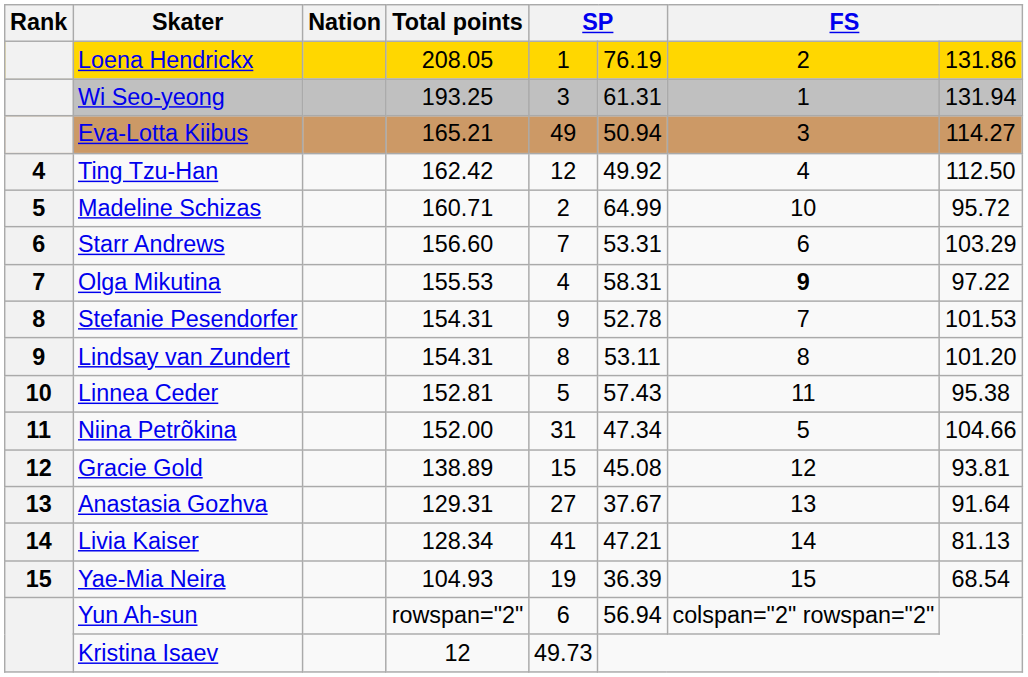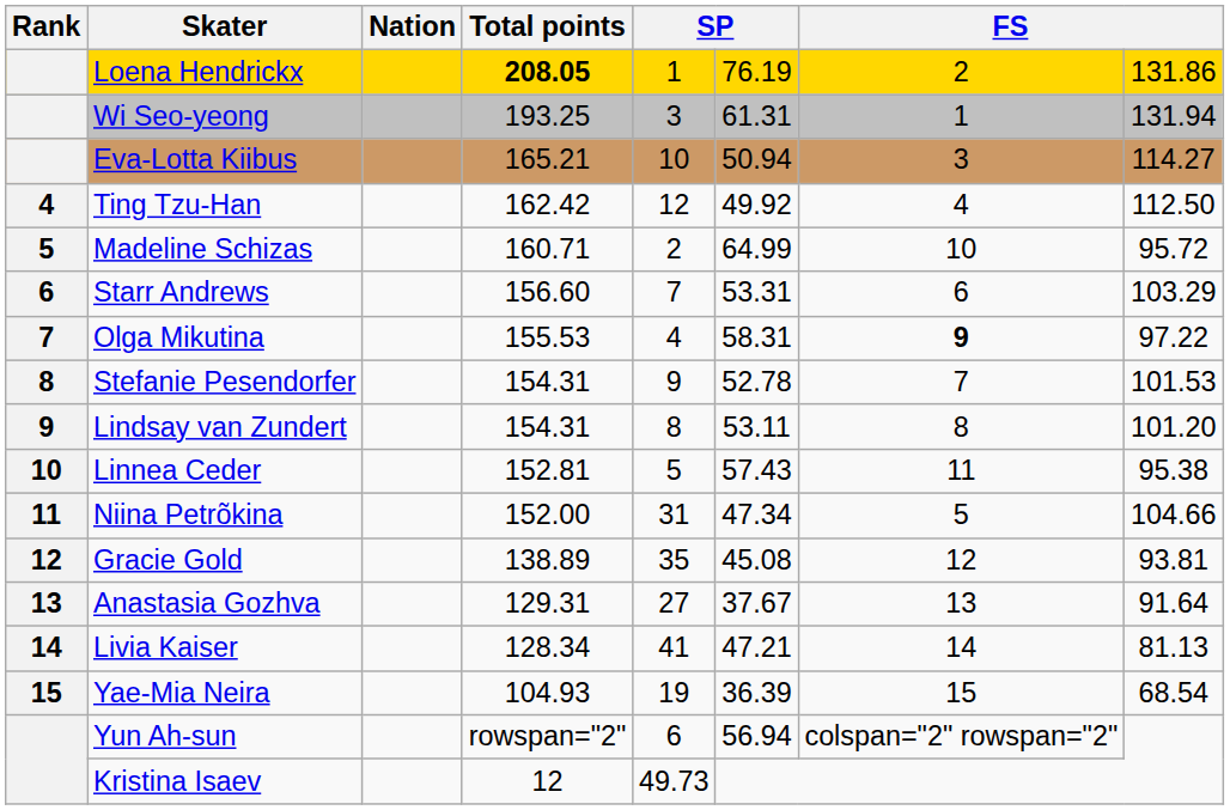 <table class="wikitable sortable" style="text-align:left">
 <tr>
 <th scope="col">Rank</th>
 <th scope="col">Skater</th>
 <th scope="col">Nation</th>
 <th scope="col">Total points</th>
 <th scope="col" colspan="2" width="80px"><a href='#'>SP</a></th>
 <th scope="col" colspan="2" width="80px"><a href='#'>FS</a></th>
 </tr>
 <tr bgcolor="gold">
 <th scope="row"></th>
 <td><a href='#'>Loena Hendrickx</a></td>
 <td></td>
-<td align="center">208.05</td>
+<td align="center"><strong>208.05</strong></td>
 <td align="center">1</td>
 <td align="center">76.19</td>
 <td align="center">2</td>
 <td align="center">131.86</td>
 </tr>
 <tr bgcolor="silver">
 <th scope="row"></th>
 <td><a href='#'>Wi Seo-yeong</a></td>
 <td></td>
 <td align="center">193.25</td>
 <td align="center">3</td>
 <td align="center">61.31</td>
 <td align="center">1</td>
 <td align="center">131.94</td>
 </tr>
 <tr bgcolor="cc9966">
 <th scope="row"></th>
 <td><a href='#'>Eva-Lotta Kiibus</a></td>
 <td></td>
 <td align="center">165.21</td>
-<td align="center">49</td>
+<td align="center">10</td>
 <td align="center">50.94</td>
 <td align="center">3</td>
 <td align="center">114.27</td>
 </tr>
 <tr>
 <th scope="row">4</th>
 <td><a href='#'>Ting Tzu-Han</a></td>
 <td></td>
 <td align="center">162.42</td>
 <td align="center">12</td>
 <td align="center">49.92</td>
 <td align="center">4</td>
 <td align="center">112.50</td>
 </tr>
 <tr>
 <th scope="row">5</th>
 <td><a href='#'>Madeline Schizas</a></td>
 <td></td>
 <td align="center">160.71</td>
 <td align="center">2</td>
 <td align="center">64.99</td>
 <td align="center">10</td>
 <td align="center">95.72</td>
 </tr>
 <tr>
 <th scope="row">6</th>
 <td><a href='#'>Starr Andrews</a></td>
 <td></td>
 <td align="center">156.60</td>
 <td align="center">7</td>
 <td align="center">53.31</td>
 <td align="center">6</td>
 <td align="center">103.29</td>
 </tr>
 <tr>
 <th scope="row">7</th>
 <td><a href='#'>Olga Mikutina</a></td>
 <td></td>
 <td align="center">155.53</td>
 <td align="center">4</td>
 <td align="center">58.31</td>
 <td align="center"><strong>9</strong></td>
 <td align="center">97.22</td>
 </tr>
 <tr>
 <th scope="row">8</th>
 <td><a href='#'>Stefanie Pesendorfer</a></td>
 <td></td>
 <td align="center">154.31</td>
 <td align="center">9</td>
 <td align="center">52.78</td>
 <td align="center">7</td>
 <td align="center">101.53</td>
 </tr>
 <tr>
 <th scope="row">9</th>
 <td><a href='#'>Lindsay van Zundert</a></td>
 <td></td>
 <td align="center">154.31</td>
 <td align="center">8</td>
 <td align="center">53.11</td>
 <td align="center">8</td>
 <td align="center">101.20</td>
 </tr>
 <tr>
 <th scope="row">10</th>
 <td><a href='#'>Linnea Ceder</a></td>
 <td></td>
 <td align="center">152.81</td>
 <td align="center">5</td>
 <td align="center">57.43</td>
 <td align="center">11</td>
 <td align="center">95.38</td>
 </tr>
 <tr>
 <th scope="row">11</th>
 <td><a href='#'>Niina Petrõkina</a></td>
 <td></td>
 <td align="center">152.00</td>
 <td align="center">31</td>
 <td align="center">47.34</td>
 <td align="center">5</td>
 <td align="center">104.66</td>
 </tr>
 <tr>
 <th scope="row">12</th>
 <td><a href='#'>Gracie Gold</a></td>
 <td></td>
 <td align="center">138.89</td>
-<td align="center">15</td>
+<td align="center">35</td>
 <td align="center">45.08</td>
 <td align="center">12</td>
 <td align="center">93.81</td>
 </tr>
 <tr>
 <th scope="row">13</th>
 <td><a href='#'>Anastasia Gozhva</a></td>
 <td></td>
 <td align="center">129.31</td>
 <td align="center">27</td>
 <td align="center">37.67</td>
 <td align="center">13</td>
 <td align="center">91.64</td>
 </tr>
 <tr>
 <th scope="row">14</th>
 <td><a href='#'>Livia Kaiser</a></td>
 <td></td>
 <td align="center">128.34</td>
 <td align="center">41</td>
 <td align="center">47.21</td>
 <td align="center">14</td>
 <td align="center">81.13</td>
 </tr>
 <tr>
 <th scope="row">15</th>
 <td><a href='#'>Yae-Mia Neira</a></td>
 <td></td>
 <td align="center">104.93</td>
 <td align="center">19</td>
 <td align="center">36.39</td>
 <td align="center">15</td>
 <td align="center">68.54</td>
 </tr>
 <tr>
 <th rowspan="2" scope="row"></th>
 <td><a href='#'>Yun Ah-sun</a></td>
 <td></td>
 <td>rowspan="2" </td>
 <td align="center">6</td>
 <td align="center">56.94</td>
 <td>colspan="2" rowspan="2" </td>
 </tr>
 <tr>
 <td><a href='#'>Kristina Isaev</a></td>
 <td></td>
 <td align="center">12</td>
 <td align="center">49.73</td>
 </tr>
 </table>
